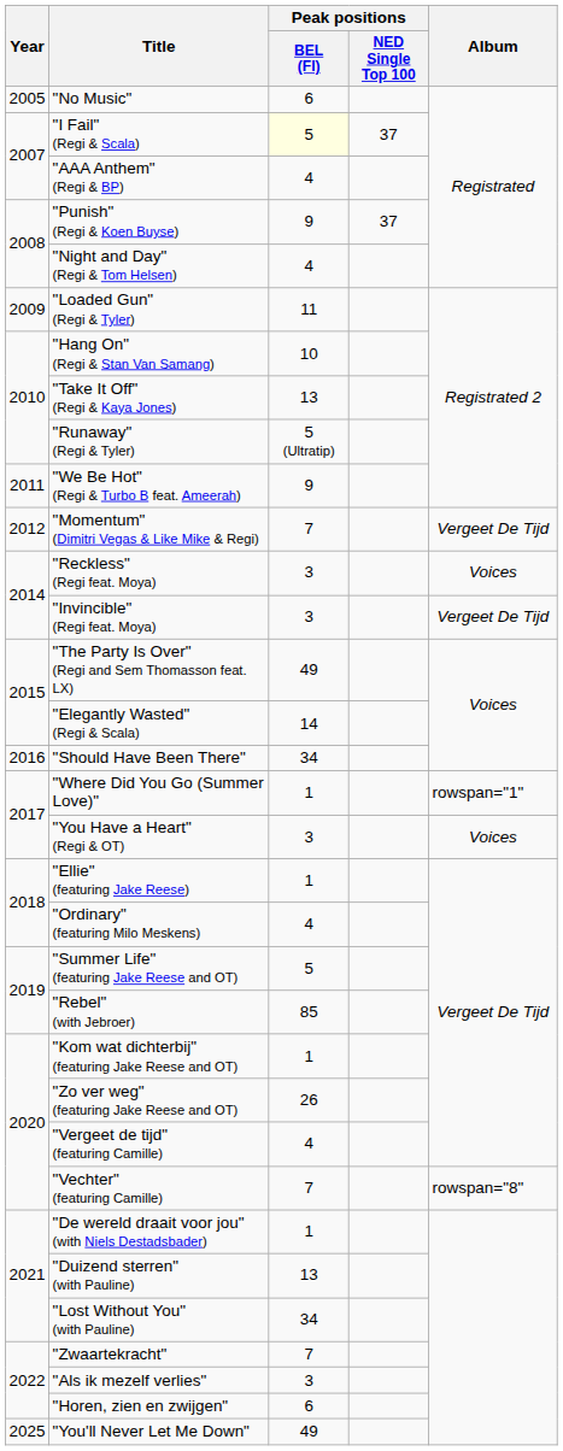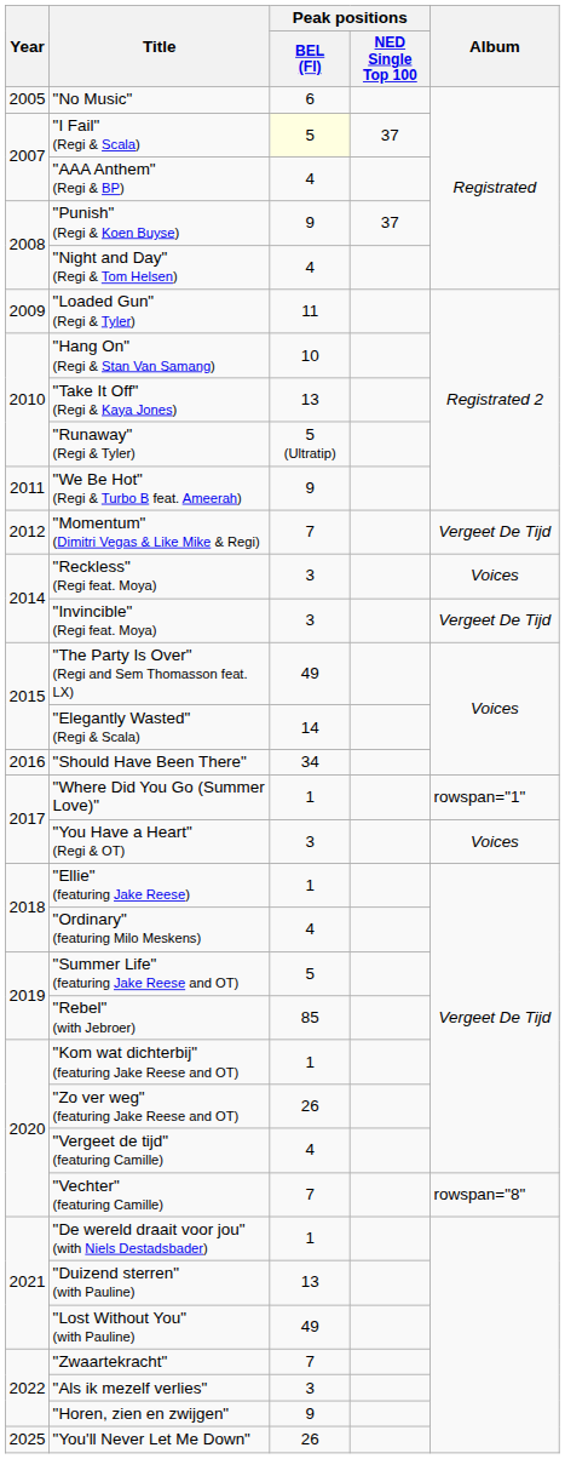 <table class="wikitable">
 <tr>
 <th align="center" rowspan="2" width="10">Year</th>
 <th align="center" rowspan="2" width="210">Title</th>
 <th align="center" colspan="2" width="20">Peak positions</th>
 <th align="center" rowspan="2" width="120">Album</th>
 </tr>
 <tr>
 <th scope="col" style="width:5em;font-size:90%;"><a href='#'>BEL <br>(Fl)</a><br></th>
 <th scope="col" style="width:5em;font-size:90%;"><a href='#'>NED<br>Single<br>Top 100</a><br></th>
 </tr>
 <tr>
 <td style="text-align:center;">2005</td>
 <td>"No Music"</td>
 <td style="text-align:center;">6</td>
 <td style="text-align:center;"></td>
 <td style="text-align:center;" rowspan=5><em>Registrated</em></td>
 </tr>
 <tr>
 <td style="text-align:center;" rowspan=2>2007</td>
 <td>"I Fail"<br><small>(Regi & <a href='#'>Scala</a>)</small></td>
 <td style="background: lightyellow; text-align:center;">5</td>
 <td style="text-align:center;">37</td>
 </tr>
 <tr>
 <td>"AAA Anthem"<br><small>(Regi & <a href='#'>BP</a>)</small></td>
 <td style="text-align:center;">4</td>
 <td style="text-align:center;"></td>
 </tr>
 <tr>
 <td style="text-align:center;" rowspan=2>2008</td>
 <td>"Punish"<br><small>(Regi & <a href='#'>Koen Buyse</a>)</small></td>
 <td style="text-align:center;">9</td>
 <td style="text-align:center;">37</td>
 </tr>
 <tr>
 <td>"Night and Day"<br><small>(Regi & <a href='#'>Tom Helsen</a>)</small></td>
 <td style="text-align:center;">4</td>
 <td style="text-align:center;"></td>
 </tr>
 <tr>
 <td style="text-align:center;" rowspan=1>2009</td>
 <td>"Loaded Gun"<br><small>(Regi & <a href='#'>Tyler</a>)</small></td>
 <td style="text-align:center;">11</td>
 <td style="text-align:center;"></td>
 <td style="text-align:center;" rowspan=5><em>Registrated 2</em></td>
 </tr>
 <tr>
 <td style="text-align:center;" rowspan=3>2010</td>
 <td>"Hang On"<br><small>(Regi & <a href='#'>Stan Van Samang</a>)</small></td>
 <td style="text-align:center;">10</td>
 <td style="text-align:center;"></td>
 </tr>
 <tr>
 <td>"Take It Off"<br><small>(Regi & <a href='#'>Kaya Jones</a>)</small></td>
 <td style="text-align:center;">13</td>
 <td style="text-align:center;"></td>
 </tr>
 <tr>
 <td>"Runaway"<br><small>(Regi & Tyler)</small></td>
 <td style="text-align:center;">5<br><small>(Ultratip)</small></td>
 <td style="text-align:center;"></td>
 </tr>
 <tr>
 <td style="text-align:center;">2011</td>
 <td>"We Be Hot"<br><small>(Regi & <a href='#'>Turbo B</a> feat. <a href='#'>Ameerah</a>)</small></td>
 <td style="text-align:center;">9</td>
 <td style="text-align:center;"></td>
 </tr>
 <tr>
 <td style="text-align:center;">2012</td>
 <td>"Momentum"<br><small>(<a href='#'>Dimitri Vegas & Like Mike</a> & Regi)</small></td>
 <td style="text-align:center;">7</td>
 <td style="text-align:center;"></td>
 <td style="text-align:center;" rowspan=1><em>Vergeet De Tijd</em></td>
 </tr>
 <tr>
 <td style="text-align:center;" rowspan=2>2014</td>
 <td>"Reckless"<br><small>(Regi feat. Moya)</small></td>
 <td style="text-align:center;">3</td>
 <td style="text-align:center;"></td>
 <td style="text-align:center;" rowspan=1><em>Voices</em></td>
 </tr>
 <tr>
 <td>"Invincible"<br><small>(Regi feat. Moya)</small></td>
 <td style="text-align:center;">3</td>
 <td style="text-align:center;"></td>
 <td style="text-align:center;" rowspan=1><em>Vergeet De Tijd</em></td>
 </tr>
 <tr>
 <td style="text-align:center;" rowspan=2>2015</td>
 <td>"The Party Is Over"<br><small>(Regi and Sem Thomasson feat. LX)</small></td>
 <td style="text-align:center;">49</td>
 <td style="text-align:center;"></td>
 <td style="text-align:center;" rowspan=3><em>Voices</em></td>
 </tr>
 <tr>
 <td>"Elegantly Wasted"<br><small>(Regi & Scala)</small></td>
 <td style="text-align:center;">14</td>
 <td style="text-align:center;"></td>
 </tr>
 <tr>
 <td style="text-align:center;">2016</td>
 <td>"Should Have Been There"</td>
 <td style="text-align:center;">34</td>
 <td style="text-align:center;"></td>
 </tr>
 <tr>
 <td style="text-align:center;" rowspan="2">2017</td>
 <td>"Where Did You Go (Summer Love)"</td>
 <td style="text-align:center;">1</td>
 <td style="text-align:center;"></td>
 <td>rowspan="1" </td>
 </tr>
 <tr>
 <td>"You Have a Heart"<br><small>(Regi & OT)</small></td>
 <td style="text-align:center;">3</td>
 <td style="text-align:center;"></td>
 <td style="text-align:center;" rowspan=1><em>Voices</em></td>
 </tr>
 <tr>
 <td style="text-align:center;" rowspan="2">2018</td>
 <td>"Ellie"<br><small>(featuring <a href='#'>Jake Reese</a>)</small></td>
 <td style="text-align:center;">1</td>
 <td style="text-align:center;"></td>
 <td style="text-align:center;" rowspan=7><em>Vergeet De Tijd</em></td>
 </tr>
 <tr>
 <td>"Ordinary"<br><small>(featuring Milo Meskens)</small></td>
 <td style="text-align:center;">4</td>
 <td style="text-align:center;"></td>
 </tr>
 <tr>
 <td style="text-align:center;" rowspan="2">2019</td>
 <td>"Summer Life"<br><small>(featuring <a href='#'>Jake Reese</a> and OT)</small></td>
 <td style="text-align:center;">5</td>
 <td style="text-align:center;"></td>
 </tr>
 <tr>
 <td>"Rebel"<br><small>(with Jebroer)</small></td>
 <td style="text-align:center;">85</td>
 <td style="text-align:center;"></td>
 </tr>
 <tr>
 <td style="text-align:center;" rowspan="4">2020</td>
 <td>"Kom wat dichterbij"<br><small>(featuring Jake Reese and OT)</small></td>
 <td style="text-align:center;">1</td>
 <td style="text-align:center;"></td>
 </tr>
 <tr>
 <td>"Zo ver weg"<br><small>(featuring Jake Reese and OT)</small></td>
 <td style="text-align:center;">26</td>
 <td style="text-align:center;"></td>
 </tr>
 <tr>
 <td>"Vergeet de tijd"<br><small>(featuring Camille)</small></td>
 <td style="text-align:center;">4</td>
 <td style="text-align:center;"></td>
 </tr>
 <tr>
 <td>"Vechter"<br><small>(featuring Camille)</small></td>
 <td style="text-align:center;">7</td>
 <td style="text-align:center;"></td>
 <td>rowspan="8" </td>
 </tr>
 <tr>
 <td style="text-align:center;" rowspan="3">2021</td>
 <td>"De wereld draait voor jou"<br><small>(with <a href='#'>Niels Destadsbader</a>)</small></td>
 <td style="text-align:center;">1</td>
 <td style="text-align:center;"></td>
 </tr>
 <tr>
 <td>"Duizend sterren"<br><small>(with Pauline)</small></td>
 <td style="text-align:center;">13</td>
 <td style="text-align:center;"></td>
 </tr>
 <tr>
 <td>"Lost Without You"<br><small>(with Pauline)</small></td>
-<td style="text-align:center;">34</td>
+<td style="text-align:center;">49</td>
 <td style="text-align:center;"></td>
 </tr>
 <tr>
 <td style="text-align:center;" rowspan="3">2022</td>
 <td>"Zwaartekracht"<br></td>
 <td style="text-align:center;">7</td>
 <td style="text-align:center;"></td>
 </tr>
 <tr>
 <td>"Als ik mezelf verlies"<br></td>
 <td style="text-align:center;">3</td>
 <td style="text-align:center;"></td>
 </tr>
 <tr>
 <td>"Horen, zien en zwijgen"<br></td>
-<td style="text-align:center;">6</td>
+<td style="text-align:center;">9</td>
 <td style="text-align:center;"></td>
 </tr>
 <tr>
 <td style="text-align:center;">2025</td>
 <td>"You'll Never Let Me Down"<br></td>
-<td style="text-align:center;">49</td>
+<td style="text-align:center;">26</td>
 <td style="text-align:center;"></td>
 </tr>
 </table>
